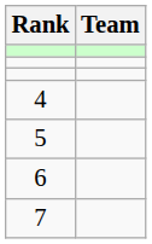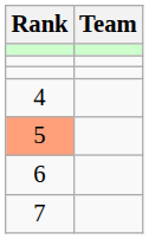 <table class="wikitable">
 <tr>
 <th>Rank</th>
 <th>Team</th>
 </tr>
 <tr bgcolor=ccffcc>
 <td align=center></td>
 <td></td>
 </tr>
 <tr>
 <td align=center></td>
 <td></td>
 </tr>
 <tr>
 <td align=center></td>
 <td></td>
 </tr>
 <tr>
 <td align=center>4</td>
 <td></td>
 </tr>
 <tr>
-<td align=center>5</td>
+<td align=center style="background: lightsalmon;">5</td>
 <td></td>
 </tr>
 <tr>
 <td align=center>6</td>
 <td></td>
 </tr>
 <tr>
 <td align=center>7</td>
 <td></td>
 </tr>
 </table>
